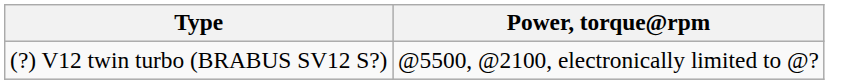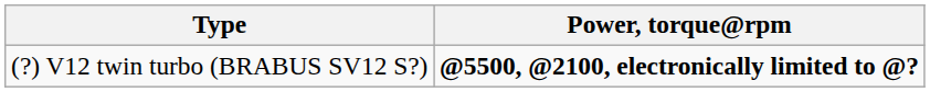 <table class="wikitable">
 <tr>
 <th>Type</th>
 <th>Power, torque@rpm</th>
 </tr>
 <tr>
 <td> (?) V12 twin turbo (BRABUS SV12 S?)</td>
-<td>@5500, @2100, electronically limited to @?</td>
+<td><strong>@5500, @2100, electronically limited to @?</strong></td>
 </tr>
 </table>
